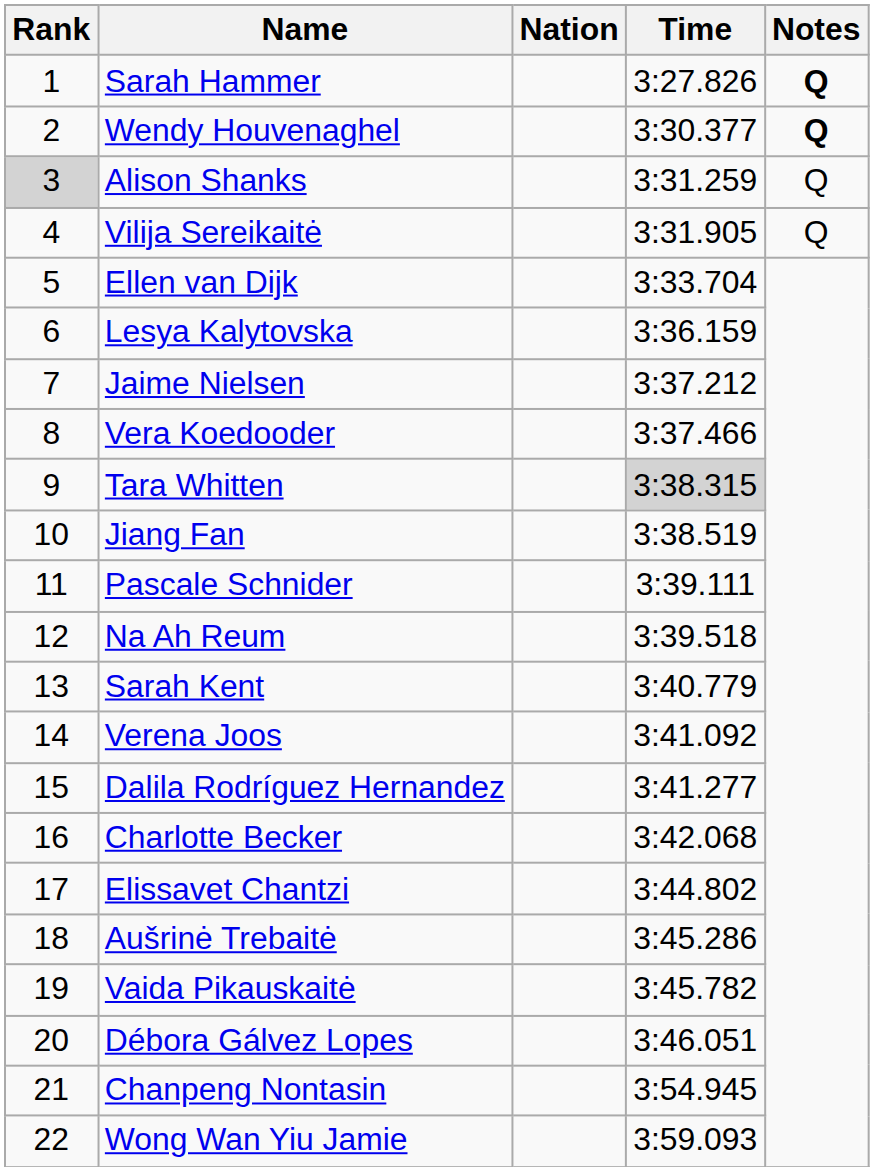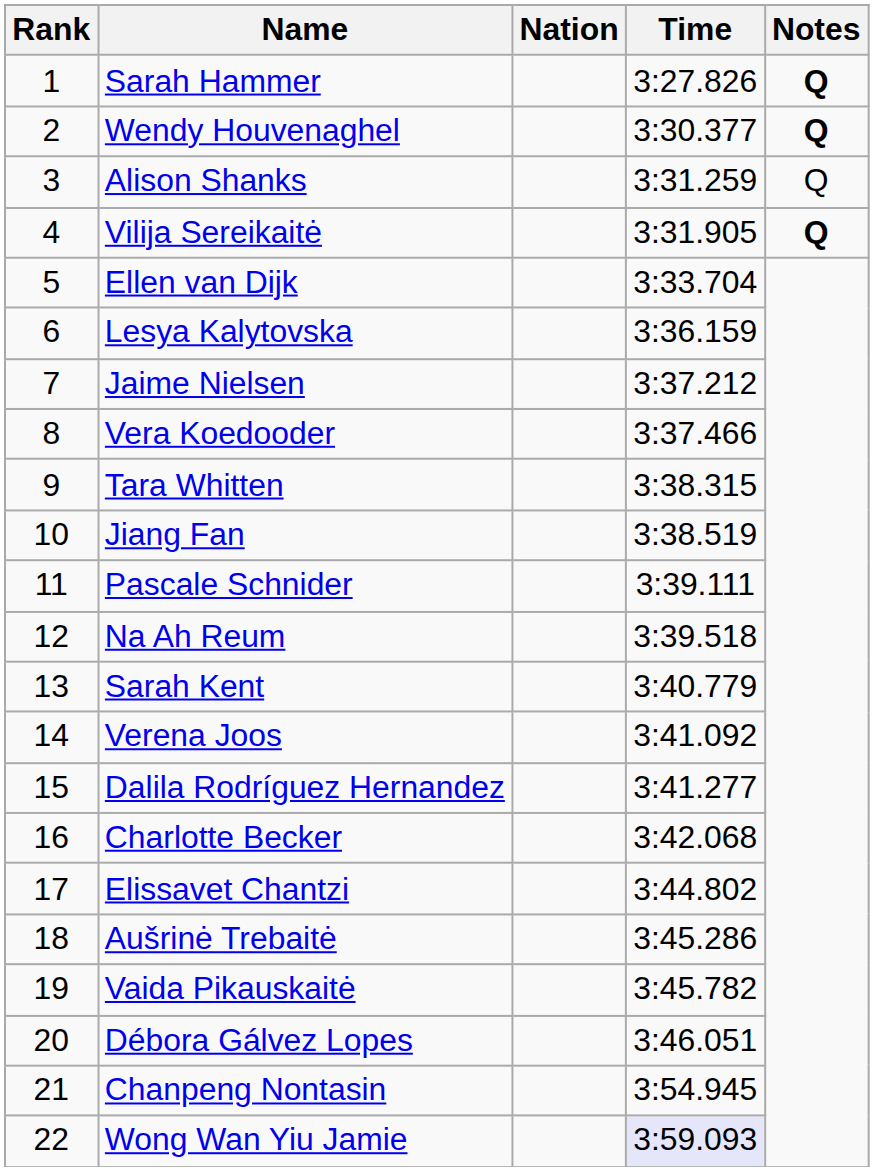 <table class="wikitable sortable" style="text-align:center">
 <tr>
 <th>Rank</th>
 <th>Name</th>
 <th>Nation</th>
 <th>Time</th>
 <th>Notes</th>
 </tr>
 <tr>
 <td>1</td>
 <td align=left><a href='#'>Sarah Hammer</a></td>
 <td align=left></td>
 <td>3:27.826</td>
 <td><strong>Q</strong></td>
 </tr>
 <tr>
 <td>2</td>
 <td align=left><a href='#'>Wendy Houvenaghel</a></td>
 <td align=left></td>
 <td>3:30.377</td>
 <td><strong>Q</strong></td>
 </tr>
 <tr>
-<td style="background: lightgrey;">3</td>
+<td>3</td>
 <td align=left><a href='#'>Alison Shanks</a></td>
 <td align=left></td>
 <td>3:31.259</td>
 <td>Q</td>
 </tr>
 <tr>
 <td>4</td>
 <td align=left><a href='#'>Vilija Sereikaitė</a></td>
 <td align=left></td>
 <td>3:31.905</td>
-<td>Q</td>
+<td><strong>Q</strong></td>
 </tr>
 <tr>
 <td>5</td>
 <td align=left><a href='#'>Ellen van Dijk</a></td>
 <td align=left></td>
 <td>3:33.704</td>
 </tr>
 <tr>
 <td>6</td>
 <td align=left><a href='#'>Lesya Kalytovska</a></td>
 <td align=left></td>
 <td>3:36.159</td>
 </tr>
 <tr>
 <td>7</td>
 <td align=left><a href='#'>Jaime Nielsen</a></td>
 <td align=left></td>
 <td>3:37.212</td>
 </tr>
 <tr>
 <td>8</td>
 <td align=left><a href='#'>Vera Koedooder</a></td>
 <td align=left></td>
 <td>3:37.466</td>
 </tr>
 <tr>
 <td>9</td>
 <td align=left><a href='#'>Tara Whitten</a></td>
 <td align=left></td>
-<td style="background: lightgrey;">3:38.315</td>
+<td>3:38.315</td>
 </tr>
 <tr>
 <td>10</td>
 <td align=left><a href='#'>Jiang Fan</a></td>
 <td align=left></td>
 <td>3:38.519</td>
 </tr>
 <tr>
 <td>11</td>
 <td align=left><a href='#'>Pascale Schnider</a></td>
 <td align=left></td>
 <td>3:39.111</td>
 </tr>
 <tr>
 <td>12</td>
 <td align=left><a href='#'>Na Ah Reum</a></td>
 <td align=left></td>
 <td>3:39.518</td>
 </tr>
 <tr>
 <td>13</td>
 <td align=left><a href='#'>Sarah Kent</a></td>
 <td align=left></td>
 <td>3:40.779</td>
 </tr>
 <tr>
 <td>14</td>
 <td align=left><a href='#'>Verena Joos</a></td>
 <td align=left></td>
 <td>3:41.092</td>
 </tr>
 <tr>
 <td>15</td>
 <td align=left><a href='#'>Dalila Rodríguez Hernandez</a></td>
 <td align=left></td>
 <td>3:41.277</td>
 </tr>
 <tr>
 <td>16</td>
 <td align=left><a href='#'>Charlotte Becker</a></td>
 <td align=left></td>
 <td>3:42.068</td>
 </tr>
 <tr>
 <td>17</td>
 <td align=left><a href='#'>Elissavet Chantzi</a></td>
 <td align=left></td>
 <td>3:44.802</td>
 </tr>
 <tr>
 <td>18</td>
 <td align=left><a href='#'>Aušrinė Trebaitė</a></td>
 <td align=left></td>
 <td>3:45.286</td>
 </tr>
 <tr>
 <td>19</td>
 <td align=left><a href='#'>Vaida Pikauskaitė</a></td>
 <td align=left></td>
 <td>3:45.782</td>
 </tr>
 <tr>
 <td>20</td>
 <td align=left><a href='#'>Débora Gálvez Lopes</a></td>
 <td align=left></td>
 <td>3:46.051</td>
 </tr>
 <tr>
 <td>21</td>
 <td align=left><a href='#'>Chanpeng Nontasin</a></td>
 <td align=left></td>
 <td>3:54.945</td>
 </tr>
 <tr>
 <td>22</td>
 <td align=left><a href='#'>Wong Wan Yiu Jamie</a></td>
 <td align=left></td>
-<td>3:59.093</td>
+<td style="background: lavender;">3:59.093</td>
 </tr>
 </table>
